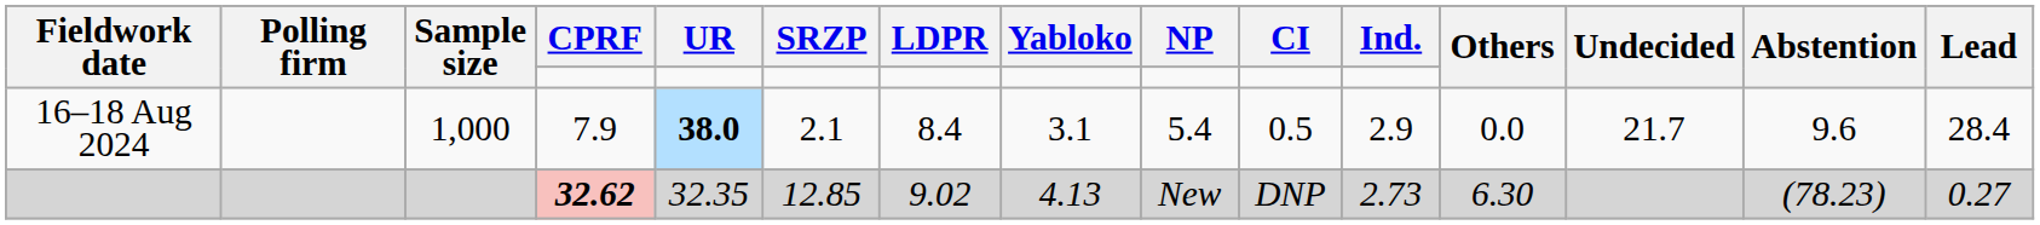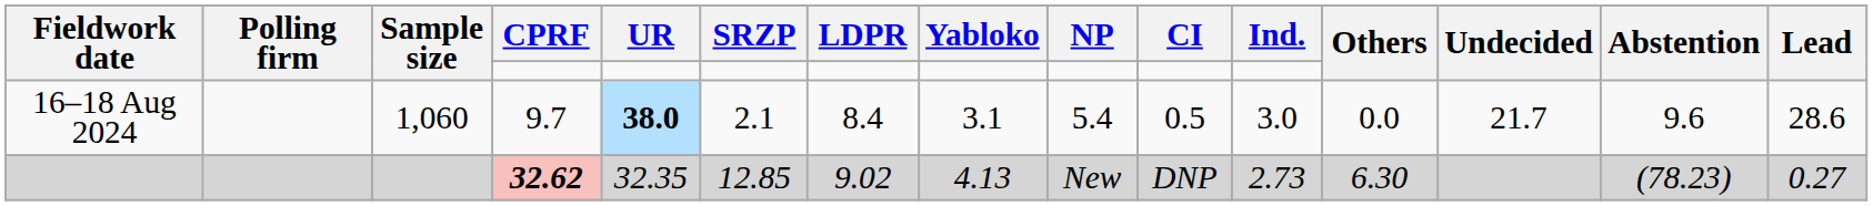 <table class=wikitable style="font-size:95%; line-height:14px; text-align:center">
 <tr>
 <th style=width:120px; rowspan=2>Fieldwork date</th>
 <th style=width:120px; rowspan=2>Polling firm</th>
 <th style=width:50px; rowspan=2>Sample<br>size</th>
 <th style="width:50px;"><a href='#'>CPRF</a></th>
 <th style="width:50px;"><a href='#'>UR</a></th>
 <th style="width:50px;"><a href='#'>SRZP</a></th>
 <th style="width:50px;"><a href='#'>LDPR</a></th>
 <th style="width:50px;"><a href='#'>Yabloko</a></th>
 <th style="width:50px;"><a href='#'>NP</a></th>
 <th style="width:50px;"><a href='#'>CI</a></th>
 <th style="width:50px;"><a href='#'>Ind.</a></th>
 <th style="width:50px;" rowspan=2>Others</th>
 <th style="width:50px;" rowspan=2>Undecided</th>
 <th style="width:50px;" rowspan=2>Abstention</th>
 <th style="width:50px;" rowspan="2">Lead</th>
 </tr>
 <tr>
 <td bgcolor=></td>
 <td bgcolor=></td>
 <td bgcolor=></td>
 <td bgcolor=></td>
 <td bgcolor=></td>
 <td bgcolor=></td>
 <td bgcolor=></td>
 <td bgcolor=></td>
 </tr>
 <tr>
 <td>16–18 Aug 2024</td>
 <td></td>
-<td>1,000</td>
-<td>7.9</td>
+<td>1,060</td>
+<td>9.7</td>
 <td style="background:#B3E0FF"><strong>38.0</strong></td>
 <td>2.1</td>
 <td>8.4</td>
 <td>3.1</td>
 <td>5.4</td>
 <td>0.5</td>
-<td>2.9</td>
+<td>3.0</td>
 <td>0.0</td>
 <td>21.7</td>
 <td>9.6</td>
-<td style="background:">28.4</td>
+<td style="background:">28.6</td>
 </tr>
 <tr style="background:#D5D5D5">
 <td></td>
 <td></td>
 <td></td>
 <td style="background:#F8C1BE"><strong><em>32.62</em></strong></td>
 <td><em>32.35</em></td>
 <td><em>12.85</em></td>
 <td><em>9.02</em></td>
 <td><em>4.13</em></td>
 <td><em>New</em></td>
 <td><em>DNP</em></td>
 <td><em>2.73</em></td>
 <td><em>6.30</em></td>
 <td></td>
 <td><em>(78.23)</em></td>
 <td style="background:"><em>0.27</em></td>
 </tr>
 </table>
